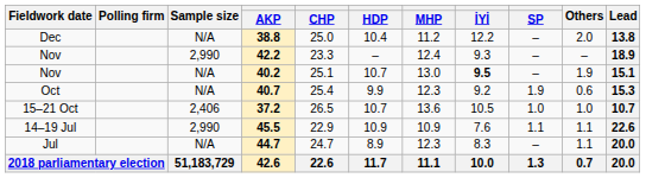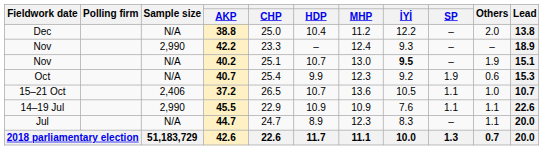 <table class="wikitable mw-datatable mw-collapsible mw-collapsed" style="text-align:center; font-size:85%; line-height:14px;">
 <tr>
 <th rowspan="2">Fieldwork date</th>
 <th rowspan="2">Polling firm</th>
 <th rowspan="2">Sample size</th>
 <th style="background:"></th>
 <th style="background:"></th>
 <th style="background:"></th>
 <th style="background:"></th>
 <th style="background:"></th>
 <th style="background:"></th>
 <th rowspan="2">Others</th>
 <th rowspan="2">Lead</th>
 </tr>
 <tr>
 <th style="width:4em;"><a href='#'>AKP</a></th>
 <th style="width:4em;"><a href='#'>CHP</a></th>
 <th style="width:4em;"><a href='#'>HDP</a></th>
 <th style="width:4em;"><a href='#'>MHP</a></th>
 <th style="width:4em;"><a href='#'>İYİ</a></th>
 <th style="width:4em;"><a href='#'>SP</a></th>
 </tr>
 <tr>
 <td data-sort-value="2018-12-01">Dec</td>
 <td></td>
 <td>N/A</td>
 <td style="background:#FFF1C4"><strong>38.8</strong></td>
 <td>25.0</td>
 <td>10.4</td>
 <td>11.2</td>
 <td>12.2</td>
 <td>–</td>
 <td>2.0</td>
 <th style="background:">13.8</th>
 </tr>
 <tr>
 <td data-sort-value="2018-12-09">Nov</td>
 <td></td>
 <td>2,990</td>
 <td style="background:#FFF1C4"><strong>42.2</strong></td>
 <td>23.3</td>
 <td>–</td>
 <td>12.4</td>
 <td>9.3</td>
 <td>–</td>
 <td>–</td>
 <th style="background:">18.9</th>
 </tr>
 <tr>
 <td data-sort-value="2018-11-01">Nov</td>
 <td></td>
 <td>N/A</td>
 <td style="background:#FFF1C4"><strong>40.2</strong></td>
 <td>25.1</td>
 <td>10.7</td>
 <td>13.0</td>
 <td><strong>9.5</strong></td>
 <td>–</td>
 <td>1.9</td>
 <th style="background:">15.1</th>
 </tr>
 <tr>
 <td>Oct</td>
 <td></td>
 <td>N/A</td>
 <td style="background:#FFF1C4"><strong>40.7</strong></td>
 <td>25.4</td>
 <td>9.9</td>
 <td>12.3</td>
 <td>9.2</td>
 <td>1.9</td>
 <td>0.6</td>
 <th style="background:">15.3</th>
 </tr>
 <tr>
 <td>15–21 Oct</td>
 <td></td>
 <td>2,406</td>
 <td style="background:#FFF1C4"><strong>37.2</strong></td>
 <td>26.5</td>
 <td>10.7</td>
 <td>13.6</td>
 <td>10.5</td>
-<td>1.0</td>
+<td>1.1</td>
 <td>1.0</td>
 <th style="background:">10.7</th>
 </tr>
 <tr>
 <td data-sort-value="2018-07-19">14–19 Jul</td>
 <td></td>
 <td>2,990</td>
 <td style="background:#FFF1C4"><strong>45.5</strong></td>
 <td>22.9</td>
 <td>10.9</td>
 <td>10.9</td>
 <td>7.6</td>
 <td>1.1</td>
 <td>1.1</td>
 <th style="background:">22.6</th>
 </tr>
 <tr>
 <td data-sort-value="2018-07-11">Jul</td>
 <td></td>
 <td>N/A</td>
 <td style="background:#FFF1C4"><strong>44.7</strong></td>
 <td>24.7</td>
 <td>8.9</td>
 <td>12.3</td>
 <td>8.3</td>
 <td>–</td>
 <td>1.1</td>
 <th style="background:">20.0</th>
 </tr>
 <tr>
 <th colspan="2" data-sort-value="2018-06-24"><a href='#'>2018 parliamentary election</a></th>
 <th>51,183,729</th>
 <th style="background:#FFF1C4">42.6</th>
 <th>22.6</th>
 <th>11.7</th>
 <th>11.1</th>
 <th>10.0</th>
 <th>1.3</th>
 <th>0.7</th>
 <th style="background:">20.0</th>
 </tr>
 </table>
